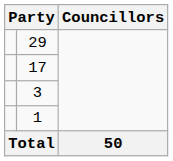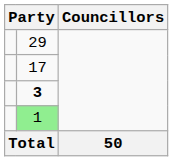 <table class="wikitable">
 <tr>
 <th colspan=2>Party</th>
 <th>Councillors</th>
 </tr>
 <tr>
 <td></td>
 <td align=center>29</td>
 </tr>
 <tr>
 <td></td>
 <td align=center>17</td>
 </tr>
 <tr>
 <td></td>
-<td align=center>3</td>
+<td align=center><strong>3</strong></td>
 </tr>
 <tr>
 <td></td>
-<td align=center>1</td>
+<td align=center style="background: lightgreen;">1</td>
 </tr>
 <tr>
 <th colspan=2>Total</th>
 <th align=center>50</th>
 </tr>
 </table>
